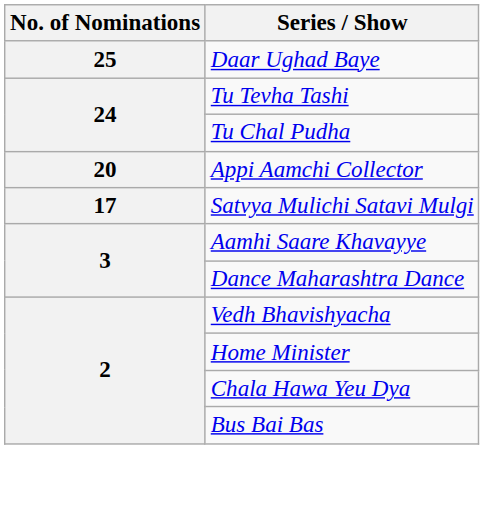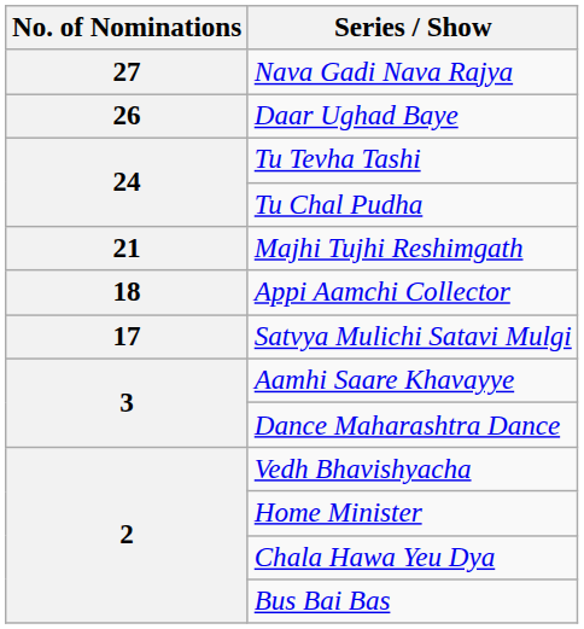 <table class="wikitable" style="display:inline-table;">
 <tr>
 <th>No. of Nominations</th>
 <th>Series / Show</th>
 </tr>
 <tr>
-<th>25</th>
+<th>27</th>
+<td><em><a href='#'>Nava Gadi Nava Rajya</a></em></td>
+</tr>
+<tr>
+<th>26</th>
 <td><em><a href='#'>Daar Ughad Baye</a></em></td>
 </tr>
 <tr>
 <th rowspan="2">24</th>
 <td><em><a href='#'>Tu Tevha Tashi</a></em></td>
 </tr>
 <tr>
 <td><em><a href='#'>Tu Chal Pudha</a></em></td>
 </tr>
 <tr>
-<th>20</th>
+<th>21</th>
+<td><em><a href='#'>Majhi Tujhi Reshimgath</a></em></td>
+</tr>
+<tr>
+<th>18</th>
 <td><em><a href='#'>Appi Aamchi Collector</a></em></td>
 </tr>
 <tr>
 <th>17</th>
 <td><em><a href='#'>Satvya Mulichi Satavi Mulgi</a></em></td>
 </tr>
 <tr>
 <th rowspan="2">3</th>
 <td><em><a href='#'>Aamhi Saare Khavayye</a></em></td>
 </tr>
 <tr>
 <td><em><a href='#'>Dance Maharashtra Dance</a></em></td>
 </tr>
 <tr>
 <th rowspan="4">2</th>
 <td><em><a href='#'>Vedh Bhavishyacha</a></em></td>
 </tr>
 <tr>
 <td><em><a href='#'>Home Minister</a></em></td>
 </tr>
 <tr>
 <td><em><a href='#'>Chala Hawa Yeu Dya</a></em></td>
 </tr>
 <tr>
 <td><em><a href='#'>Bus Bai Bas</a></em></td>
 </tr>
 </table>
